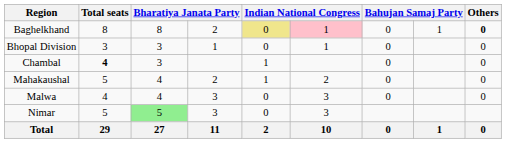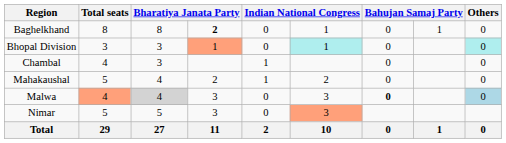 <table class="wikitable sortable" style="text-align:center;">
 <tr>
 <th>Region</th>
 <th>Total seats</th>
 <th colspan="2"><a href='#'>Bharatiya Janata Party</a></th>
 <th colspan="2"><a href='#'>Indian National Congress</a></th>
 <th colspan="2"><a href='#'>Bahujan Samaj Party</a></th>
 <th>Others</th>
 </tr>
 <tr>
 <td>Baghelkhand</td>
 <td>8</td>
 <td>8</td>
-<td> 2</td>
-<td style="background: khaki;">0</td>
-<td style="background: pink;"> 1</td>
+<td><strong> 2</strong></td>
 <td>0</td>
 <td> 1</td>
-<td><strong>0</strong></td>
+<td>0</td>
+<td> 1</td>
+<td>0</td>
 </tr>
 <tr>
 <td>Bhopal Division</td>
 <td>3</td>
 <td>3</td>
-<td> 1</td>
+<td style="background: lightsalmon;"> 1</td>
 <td>0</td>
-<td> 1</td>
+<td style="background: paleturquoise;"> 1</td>
 <td>0</td>
 <td></td>
-<td>0</td>
+<td style="background: paleturquoise;">0</td>
 </tr>
 <tr>
 <td>Chambal</td>
-<td><strong>4</strong></td>
+<td>4</td>
 <td>3</td>
 <td></td>
 <td>1</td>
 <td></td>
 <td>0</td>
 <td></td>
 <td>0</td>
 </tr>
 <tr>
 <td>Mahakaushal</td>
 <td>5</td>
 <td>4</td>
 <td> 2</td>
 <td>1</td>
 <td> 2</td>
 <td>0</td>
 <td></td>
 <td>0</td>
 </tr>
 <tr>
 <td>Malwa</td>
-<td>4</td>
-<td>4</td>
+<td style="background: lightsalmon;">4</td>
+<td style="background: lightgrey;">4</td>
 <td> 3</td>
 <td>0</td>
 <td> 3</td>
-<td>0</td>
+<td><strong>0</strong></td>
 <td></td>
-<td>0</td>
+<td style="background: lightblue;">0</td>
 </tr>
 <tr>
 <td>Nimar</td>
 <td>5</td>
-<td style="background: lightgreen;">5</td>
+<td>5</td>
 <td> 3</td>
 <td>0</td>
-<td> 3</td>
+<td style="background: lightsalmon;"> 3</td>
 <td></td>
 <td></td>
 <td></td>
 </tr>
 <tr>
 <th><strong>Total</strong></th>
 <th>29</th>
 <th>27</th>
 <th> 11</th>
 <th>2</th>
 <th> 10</th>
 <th>0</th>
 <th> 1</th>
 <th>0</th>
 </tr>
 </table>
